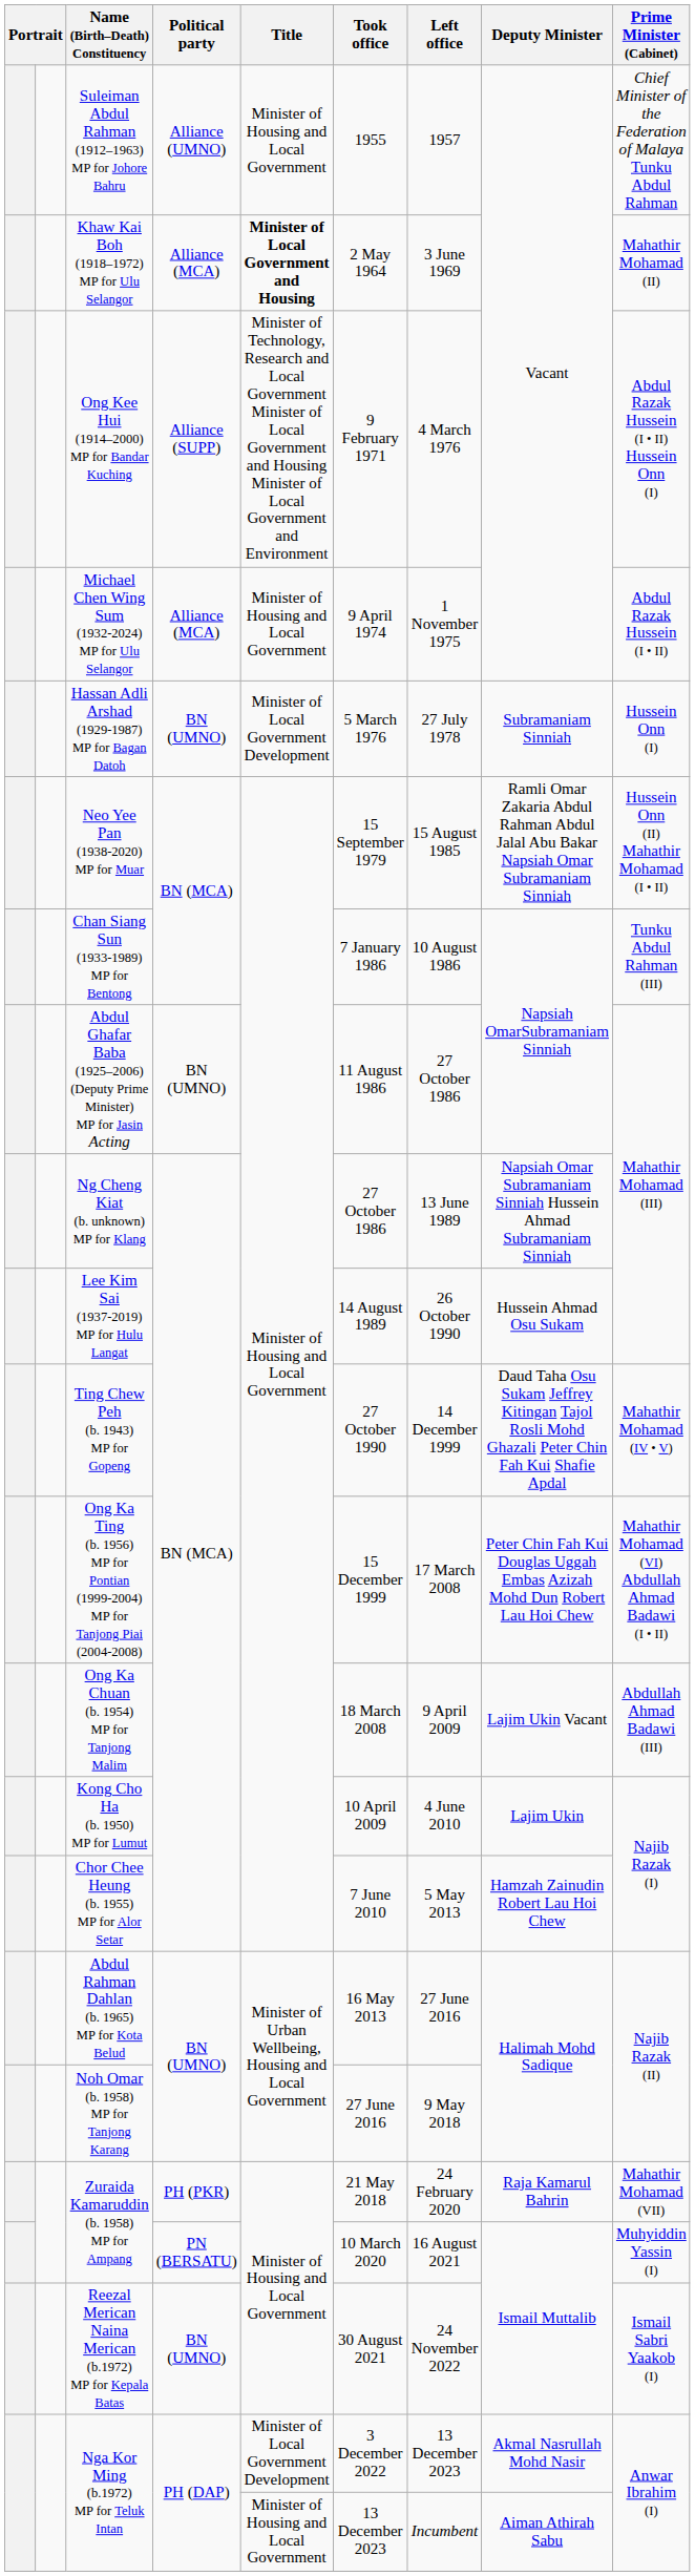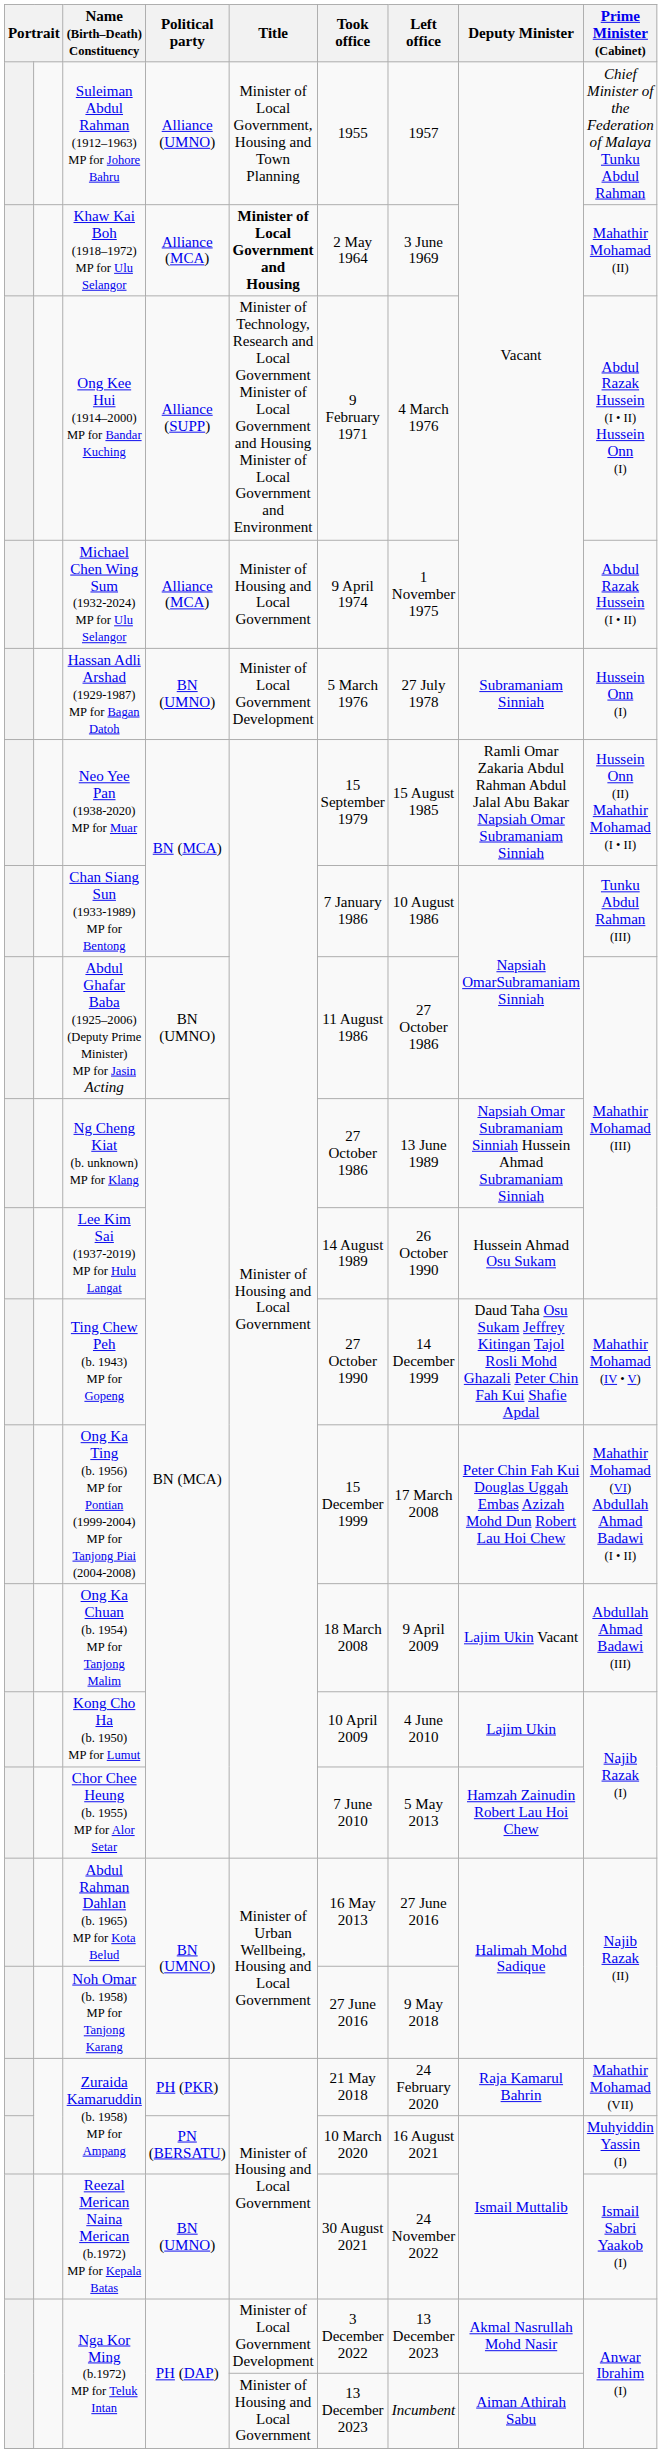 <table class="wikitable" style="text-align:center;">
 <tr>
 <th colspan=2>Portrait</th>
 <th>Name<br><small>(Birth–Death)<br>Constituency</small></th>
 <th>Political party</th>
 <th>Title</th>
 <th>Took office</th>
 <th>Left office</th>
 <th>Deputy Minister</th>
 <th><a href='#'>Prime Minister</a><br><small>(Cabinet)</small></th>
 </tr>
 <tr>
 <th style="background:"></th>
 <td></td>
 <td><a href='#'>Suleiman Abdul Rahman</a><br><small>(1912–1963)<br>MP for <a href='#'>Johore Bahru</a><br></small></td>
 <td><a href='#'>Alliance</a> (<a href='#'>UMNO</a>)</td>
-<td>Minister of Housing and Local Government</td>
+<td>Minister of Local Government, Housing and Town Planning</td>
 <td>1955</td>
 <td>1957</td>
 <td rowspan="4">Vacant</td>
 <td><em>Chief Minister of the <br>Federation of Malaya</em><br><a href='#'>Tunku Abdul Rahman</a></td>
 </tr>
 <tr>
 <th style="background:"></th>
 <td></td>
 <td><a href='#'>Khaw Kai Boh</a><br><small>(1918–1972)<br>MP for <a href='#'>Ulu Selangor</a></small></td>
 <td><a href='#'>Alliance</a> (<a href='#'>MCA</a>)</td>
 <td><strong>Minister of Local Government and Housing</strong></td>
 <td>2 May 1964</td>
 <td>3 June 1969</td>
 <td><a href='#'>Mahathir Mohamad</a><br><small>(II)</small></td>
 </tr>
 <tr>
 <th style="background:"></th>
 <td></td>
 <td><a href='#'>Ong Kee Hui</a><br><small>(1914–2000)<br>MP for <a href='#'>Bandar Kuching</a></small></td>
 <td><a href='#'>Alliance</a> (<a href='#'>SUPP</a>)</td>
 <td>Minister of Technology, Research and Local Government<br>Minister of Local Government and Housing<br>Minister of Local Government and Environment</td>
 <td>9 February 1971</td>
 <td>4 March 1976</td>
 <td><a href='#'>Abdul Razak Hussein</a><br><small>(I • II)</small><br><a href='#'>Hussein Onn</a><br><small>(I)</small></td>
 </tr>
 <tr>
 <th style="background:"></th>
 <td></td>
 <td><a href='#'>Michael Chen Wing Sum</a><br><small>(1932-2024)<br>MP for <a href='#'>Ulu Selangor</a></small></td>
 <td><a href='#'>Alliance</a> (<a href='#'>MCA</a>)</td>
 <td>Minister of Housing and Local Government</td>
 <td>9 April 1974</td>
 <td>1 November 1975</td>
 <td><a href='#'>Abdul Razak Hussein</a><br><small>(I • II)</small></td>
 </tr>
 <tr>
 <th style="background:"></th>
 <td></td>
 <td><a href='#'>Hassan Adli Arshad</a><br><small>(1929-1987)<br>MP for <a href='#'>Bagan Datoh</a></small></td>
 <td><a href='#'>BN</a> (<a href='#'>UMNO</a>)</td>
 <td>Minister of Local Government Development</td>
 <td>5 March 1976</td>
 <td>27 July 1978</td>
 <td><a href='#'>Subramaniam Sinniah</a></td>
 <td><a href='#'>Hussein Onn</a><br><small>(I)</small></td>
 </tr>
 <tr>
 <th style="background:"></th>
 <td></td>
 <td><a href='#'>Neo Yee Pan</a><br><small>(1938-2020)<br>MP for <a href='#'>Muar</a></small></td>
 <td rowspan="2"><a href='#'>BN</a> (<a href='#'>MCA</a>)</td>
 <td rowspan="10">Minister of Housing and Local Government</td>
 <td>15 September 1979</td>
 <td>15 August 1985</td>
 <td>Ramli Omar Zakaria Abdul Rahman Abdul Jalal Abu Bakar <a href='#'>Napsiah Omar</a> <a href='#'>Subramaniam Sinniah</a> </td>
 <td><a href='#'>Hussein Onn</a><br><small>(II)</small><br><a href='#'>Mahathir Mohamad</a><br><small>(I • II)</small></td>
 </tr>
 <tr>
 <th style="background:"></th>
 <td></td>
 <td><a href='#'>Chan Siang Sun</a><br><small>(1933-1989)<br>MP for <a href='#'>Bentong</a></small></td>
 <td>7 January 1986</td>
 <td>10 August 1986</td>
 <td rowspan="2"><a href='#'>Napsiah Omar</a><a href='#'>Subramaniam Sinniah</a></td>
 <td><a href='#'>Tunku Abdul Rahman</a><br><small>(III)</small></td>
 </tr>
 <tr>
 <th style="background:"></th>
 <td></td>
 <td><a href='#'>Abdul Ghafar Baba</a><br><small>(1925–2006)<br>(Deputy Prime Minister)<br>MP for <a href='#'>Jasin</a></small><br><em>Acting</em></td>
 <td>BN (UMNO)</td>
 <td>11 August 1986</td>
 <td>27 October 1986</td>
 <td rowspan="3"><a href='#'>Mahathir Mohamad</a><br><small>(III)</small></td>
 </tr>
 <tr>
 <th style="background:"></th>
 <td></td>
 <td><a href='#'>Ng Cheng Kiat</a><br><small>(b. unknown)<br>MP for <a href='#'>Klang</a></small></td>
 <td rowspan="7">BN (MCA)</td>
 <td>27 October 1986</td>
 <td>13 June 1989</td>
 <td><a href='#'>Napsiah Omar</a> <a href='#'>Subramaniam Sinniah</a>  Hussein Ahmad <a href='#'>Subramaniam Sinniah</a> </td>
 </tr>
 <tr>
 <th style="background:"></th>
 <td></td>
 <td><a href='#'>Lee Kim Sai</a><br><small>(1937-2019)<br>MP for <a href='#'>Hulu Langat</a></small></td>
 <td>14 August 1989</td>
 <td>26 October 1990</td>
 <td>Hussein Ahmad <a href='#'>Osu Sukam</a></td>
 </tr>
 <tr>
 <th style="background:"></th>
 <td></td>
 <td><a href='#'>Ting Chew Peh</a><br><small>(b. 1943)<br>MP for <a href='#'>Gopeng</a></small></td>
 <td>27 October 1990</td>
 <td>14 December 1999</td>
 <td>Daud Taha <a href='#'>Osu Sukam</a>  <a href='#'>Jeffrey Kitingan</a> <a href='#'>Tajol Rosli Mohd Ghazali</a> <a href='#'>Peter Chin Fah Kui</a>  <a href='#'>Shafie Apdal</a></td>
 <td><a href='#'>Mahathir Mohamad</a><br><small>(<a href='#'>IV</a> • <a href='#'>V</a>)</small></td>
 </tr>
 <tr>
 <th style="background:"></th>
 <td></td>
 <td><a href='#'>Ong Ka Ting</a><br><small>(b. 1956)<br>MP for <a href='#'>Pontian</a><br>(1999-2004) <br> MP for <a href='#'>Tanjong Piai</a><br> (2004-2008) </small></td>
 <td>15 December 1999</td>
 <td>17 March 2008</td>
 <td><a href='#'>Peter Chin Fah Kui</a> <a href='#'>Douglas Uggah Embas</a>  <a href='#'>Azizah Mohd Dun</a> <a href='#'>Robert Lau Hoi Chew</a> </td>
 <td><a href='#'>Mahathir Mohamad</a><br><small>(<a href='#'>VI</a>)</small><br><a href='#'>Abdullah Ahmad Badawi</a><br><small>(I • II)</small></td>
 </tr>
 <tr>
 <th style="background:"></th>
 <td></td>
 <td><a href='#'>Ong Ka Chuan</a><br><small>(b. 1954)<br>MP for <a href='#'>Tanjong Malim</a></small></td>
 <td>18 March 2008</td>
 <td>9 April 2009</td>
 <td><a href='#'>Lajim Ukin</a> Vacant </td>
 <td><a href='#'>Abdullah Ahmad Badawi</a><br><small>(III)</small></td>
 </tr>
 <tr>
 <th style="background:"></th>
 <td></td>
 <td><a href='#'>Kong Cho Ha</a><br><small>(b. 1950)<br>MP for <a href='#'>Lumut</a></small></td>
 <td>10 April 2009</td>
 <td>4 June 2010</td>
 <td><a href='#'>Lajim Ukin</a></td>
 <td rowspan="2"><a href='#'>Najib Razak</a><br><small>(I)</small></td>
 </tr>
 <tr>
 <th style="background:"></th>
 <td></td>
 <td><a href='#'>Chor Chee Heung</a><br><small>(b. 1955)<br>MP for <a href='#'>Alor Setar</a></small></td>
 <td>7 June 2010</td>
 <td>5 May 2013</td>
 <td><a href='#'>Hamzah Zainudin</a> <a href='#'>Robert Lau Hoi Chew</a> </td>
 </tr>
 <tr>
 <th style="background:"></th>
 <td></td>
 <td><a href='#'>Abdul Rahman Dahlan</a><br><small>(b. 1965)<br>MP for <a href='#'>Kota Belud</a></small></td>
 <td rowspan=2><a href='#'>BN</a> (<a href='#'>UMNO</a>)</td>
 <td rowspan=2>Minister of Urban Wellbeing, Housing and Local Government</td>
 <td>16 May 2013</td>
 <td>27 June 2016</td>
 <td rowspan="2"><a href='#'>Halimah Mohd Sadique</a></td>
 <td rowspan="2"><a href='#'>Najib Razak</a><br><small>(II)</small></td>
 </tr>
 <tr>
 <th style="background:"></th>
 <td></td>
 <td><a href='#'>Noh Omar</a><br><small>(b. 1958)<br>MP for <a href='#'>Tanjong Karang</a></small></td>
 <td>27 June 2016</td>
 <td>9 May 2018</td>
 </tr>
 <tr>
 <th style="background:"></th>
 <td rowspan=2></td>
 <td rowspan=2><a href='#'>Zuraida Kamaruddin</a><br><small>(b. 1958)<br>MP for <a href='#'>Ampang</a></small></td>
 <td><a href='#'>PH</a> (<a href='#'>PKR</a>)</td>
 <td rowspan=3>Minister of Housing and Local Government</td>
 <td>21 May 2018</td>
 <td>24 February 2020</td>
 <td><a href='#'>Raja Kamarul Bahrin</a></td>
 <td><a href='#'>Mahathir Mohamad</a><br><small>(VII)</small></td>
 </tr>
 <tr>
 <th style="background:"></th>
 <td><a href='#'>PN</a> (<a href='#'>BERSATU</a>)</td>
 <td>10 March 2020</td>
 <td>16 August 2021</td>
 <td rowspan="2"><a href='#'>Ismail Muttalib</a></td>
 <td><a href='#'>Muhyiddin Yassin</a><br><small>(I)</small></td>
 </tr>
 <tr>
 <th style="background:"></th>
 <td></td>
 <td><a href='#'>Reezal Merican Naina Merican</a><br><small>(b.1972)<br>MP for <a href='#'>Kepala Batas</a></small></td>
 <td><a href='#'>BN</a> (<a href='#'>UMNO</a>)</td>
 <td>30 August 2021</td>
 <td>24 November 2022</td>
 <td><a href='#'>Ismail Sabri Yaakob</a><br><small>(I)</small></td>
 </tr>
 <tr>
 <th rowspan=2 style="background:"></th>
 <td rowspan="3"></td>
 <td rowspan="3"><a href='#'>Nga Kor Ming</a><br><small>(b.1972)<br>MP for <a href='#'>Teluk Intan</a></small></td>
 <td rowspan="3"><a href='#'>PH</a> (<a href='#'>DAP</a>)</td>
 <td>Minister of Local Government Development</td>
 <td>3 December 2022</td>
 <td>13 December 2023</td>
 <td><a href='#'>Akmal Nasrullah Mohd Nasir</a></td>
 <td rowspan="3"><a href='#'>Anwar Ibrahim</a><br><small>(I)</small></td>
 </tr>
 <tr>
 <td>Minister of Housing and Local Government</td>
 <td>13 December 2023</td>
 <td><em>Incumbent</em></td>
 <td><a href='#'>Aiman Athirah Sabu</a></td>
 </tr>
 <tr>
 </tr>
 </table>
